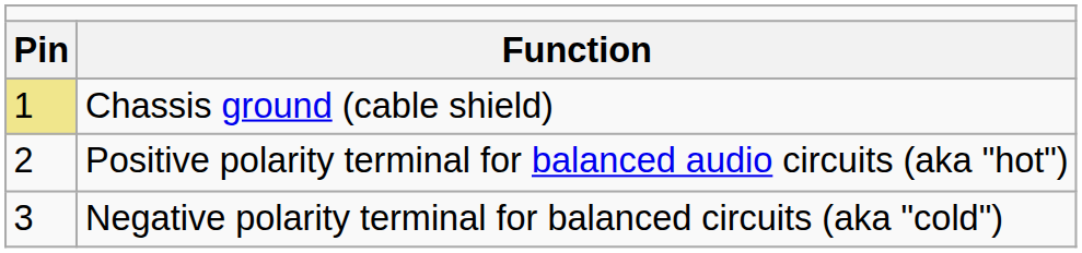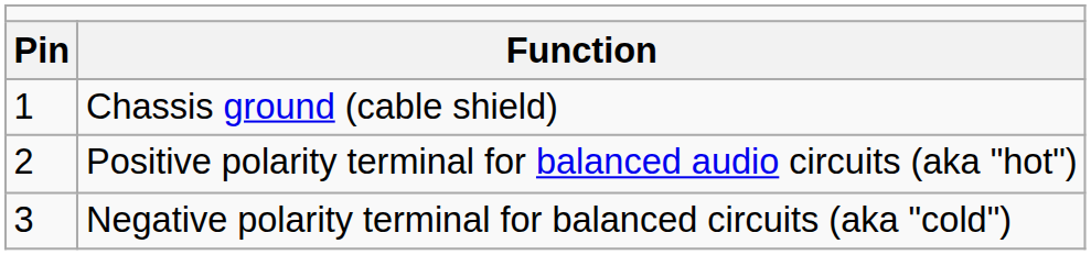 <table class="wikitable">
 <tr>
 <td colspan="2" style="text-align:center;"></td>
 </tr>
 <tr>
 <th>Pin</th>
 <th>Function</th>
 </tr>
 <tr>
-<td style="background: khaki;">1</td>
+<td>1</td>
 <td>Chassis <a href='#'>ground</a> (cable shield)</td>
 </tr>
 <tr>
 <td>2</td>
 <td>Positive polarity terminal for <a href='#'>balanced audio</a> circuits (aka "hot")</td>
 </tr>
 <tr>
 <td>3</td>
 <td>Negative polarity terminal for balanced circuits (aka "cold")</td>
 </tr>
 </table>
